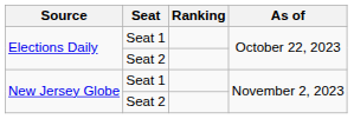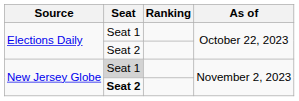 <table class="wikitable" style="text-align:center">
 <tr>
 <th>Source</th>
 <th>Seat</th>
 <th>Ranking</th>
 <th>As of</th>
 </tr>
 <tr>
 <td align=left rowspan="2"><a href='#'>Elections Daily</a></td>
 <td>Seat 1</td>
 <td></td>
 <td rowspan="2">October 22, 2023</td>
 </tr>
 <tr>
 <td>Seat 2</td>
 <td></td>
 </tr>
 <tr>
 <td align=left rowspan="2"><a href='#'>New Jersey Globe</a></td>
-<td>Seat 1</td>
+<td style="background: lightgrey;">Seat 1</td>
 <td></td>
 <td rowspan="2">November 2, 2023</td>
 </tr>
 <tr>
-<td>Seat 2</td>
+<td><strong>Seat 2</strong></td>
 <td></td>
 </tr>
 </table>
